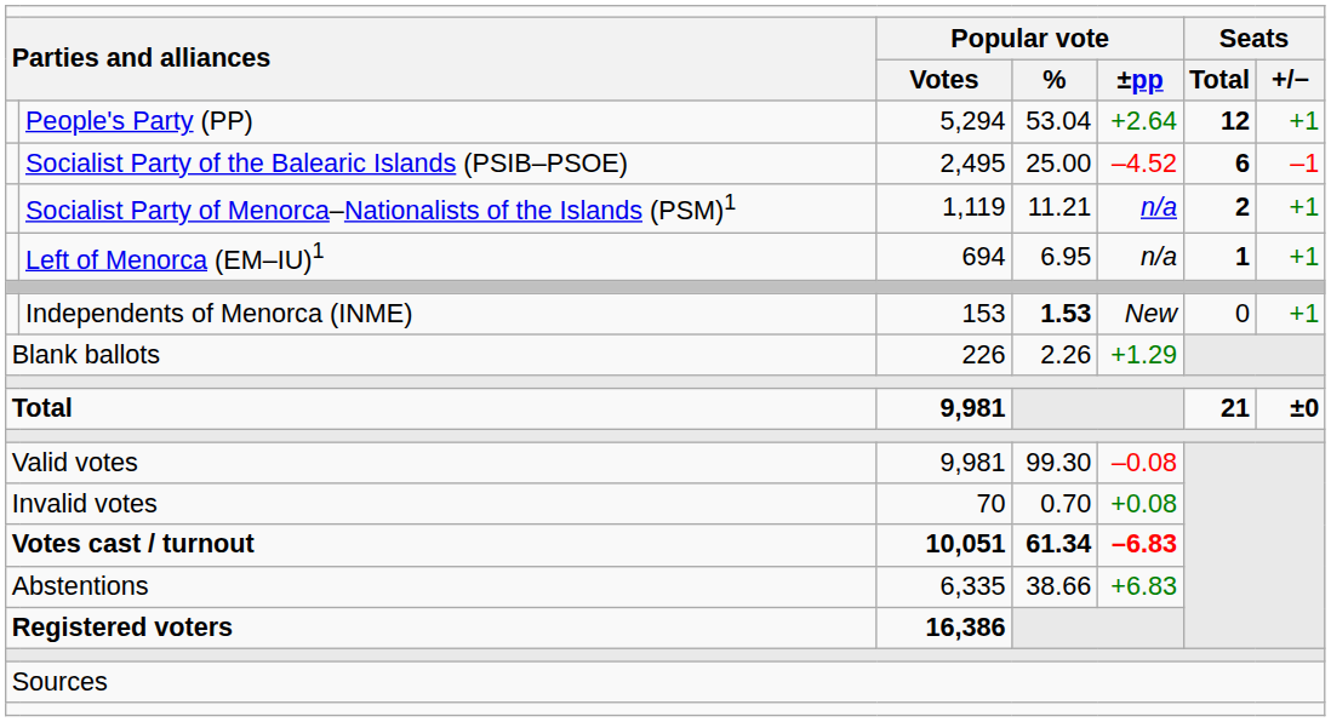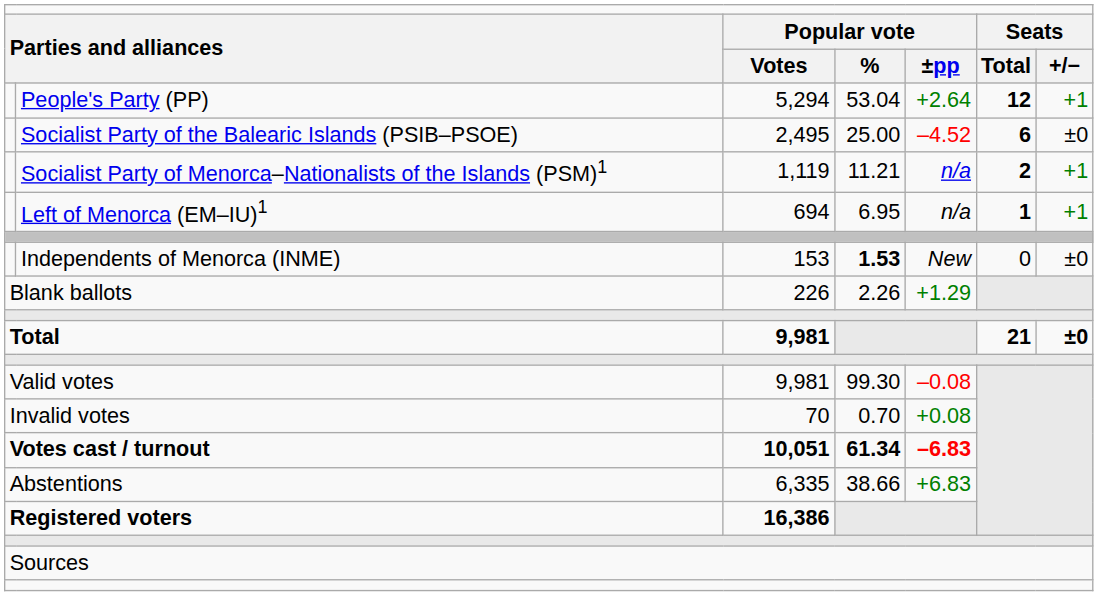 <table class="wikitable" style="text-align:right;">
 <tr>
 <td colspan="7"></td>
 </tr>
 <tr>
 <th style="text-align:left;" rowspan="2" colspan="2" width="525">Parties and alliances</th>
 <th colspan="3">Popular vote</th>
 <th colspan="2">Seats</th>
 </tr>
 <tr>
 <th width="75">Votes</th>
 <th width="45">%</th>
 <th width="45">±<a href='#'>pp</a></th>
 <th width="35">Total</th>
 <th width="35">+/−</th>
 </tr>
 <tr>
 <td width="1" style="color:inherit;background:"></td>
 <td align="left"><a href='#'>People's Party</a> (PP)</td>
 <td>5,294</td>
 <td>53.04</td>
 <td style="color:green;">+2.64</td>
 <td><strong>12</strong></td>
 <td style="color:green;">+1</td>
 </tr>
 <tr>
 <td style="color:inherit;background:"></td>
 <td align="left"><a href='#'>Socialist Party of the Balearic Islands</a> (PSIB–PSOE)</td>
 <td>2,495</td>
 <td>25.00</td>
 <td style="color:red;">–4.52</td>
 <td><strong>6</strong></td>
-<td style="color:red;">–1</td>
+<td>±0</td>
 </tr>
 <tr>
 <td style="color:inherit;background:"></td>
 <td align="left"><a href='#'>Socialist Party of Menorca</a>–<a href='#'>Nationalists of the Islands</a> (PSM)<sup>1</sup></td>
 <td>1,119</td>
 <td>11.21</td>
 <td><em><a href='#'>n/a</a></em></td>
 <td><strong>2</strong></td>
 <td style="color:green;">+1</td>
 </tr>
 <tr>
 <td style="color:inherit;background:"></td>
 <td align="left"><a href='#'>Left of Menorca</a> (EM–IU)<sup>1</sup></td>
 <td>694</td>
 <td>6.95</td>
 <td><em>n/a</em></td>
 <td><strong>1</strong></td>
 <td style="color:green;">+1</td>
 </tr>
 <tr>
 <td colspan="7" bgcolor="#C0C0C0"></td>
 </tr>
 <tr>
 <td style="color:inherit;background:"></td>
 <td align="left">Independents of Menorca (INME)</td>
 <td>153</td>
 <td><strong>1.53</strong></td>
 <td><em>New</em></td>
 <td>0</td>
-<td style="color:green;">+1</td>
+<td>±0</td>
 </tr>
 <tr>
 <td align="left" colspan="2">Blank ballots</td>
 <td>226</td>
 <td>2.26</td>
 <td style="color:green;">+1.29</td>
 <td bgcolor="#E9E9E9" colspan="2"></td>
 </tr>
 <tr>
 <td colspan="7" bgcolor="#E9E9E9"></td>
 </tr>
 <tr style="font-weight:bold;">
 <td align="left" colspan="2">Total</td>
 <td>9,981</td>
 <td bgcolor="#E9E9E9" colspan="2"></td>
 <td>21</td>
 <td>±0</td>
 </tr>
 <tr>
 <td colspan="7" bgcolor="#E9E9E9"></td>
 </tr>
 <tr>
 <td align="left" colspan="2">Valid votes</td>
 <td>9,981</td>
 <td>99.30</td>
 <td style="color:red;">–0.08</td>
 <td bgcolor="#E9E9E9" colspan="2" rowspan="5"></td>
 </tr>
 <tr>
 <td align="left" colspan="2">Invalid votes</td>
 <td>70</td>
 <td>0.70</td>
 <td style="color:green;">+0.08</td>
 </tr>
 <tr style="font-weight:bold;">
 <td align="left" colspan="2">Votes cast / turnout</td>
 <td>10,051</td>
 <td>61.34</td>
 <td style="color:red;">–6.83</td>
 </tr>
 <tr>
 <td align="left" colspan="2">Abstentions</td>
 <td>6,335</td>
 <td>38.66</td>
 <td style="color:green;">+6.83</td>
 </tr>
 <tr style="font-weight:bold;">
 <td align="left" colspan="2">Registered voters</td>
 <td>16,386</td>
 <td bgcolor="#E9E9E9" colspan="2"></td>
 </tr>
 <tr>
 <td colspan="7" bgcolor="#E9E9E9"></td>
 </tr>
 <tr>
 <td align="left" colspan="7">Sources</td>
 </tr>
 <tr>
 <td colspan="7" style="text-align:left; max-width:790px;"></td>
 </tr>
 </table>
